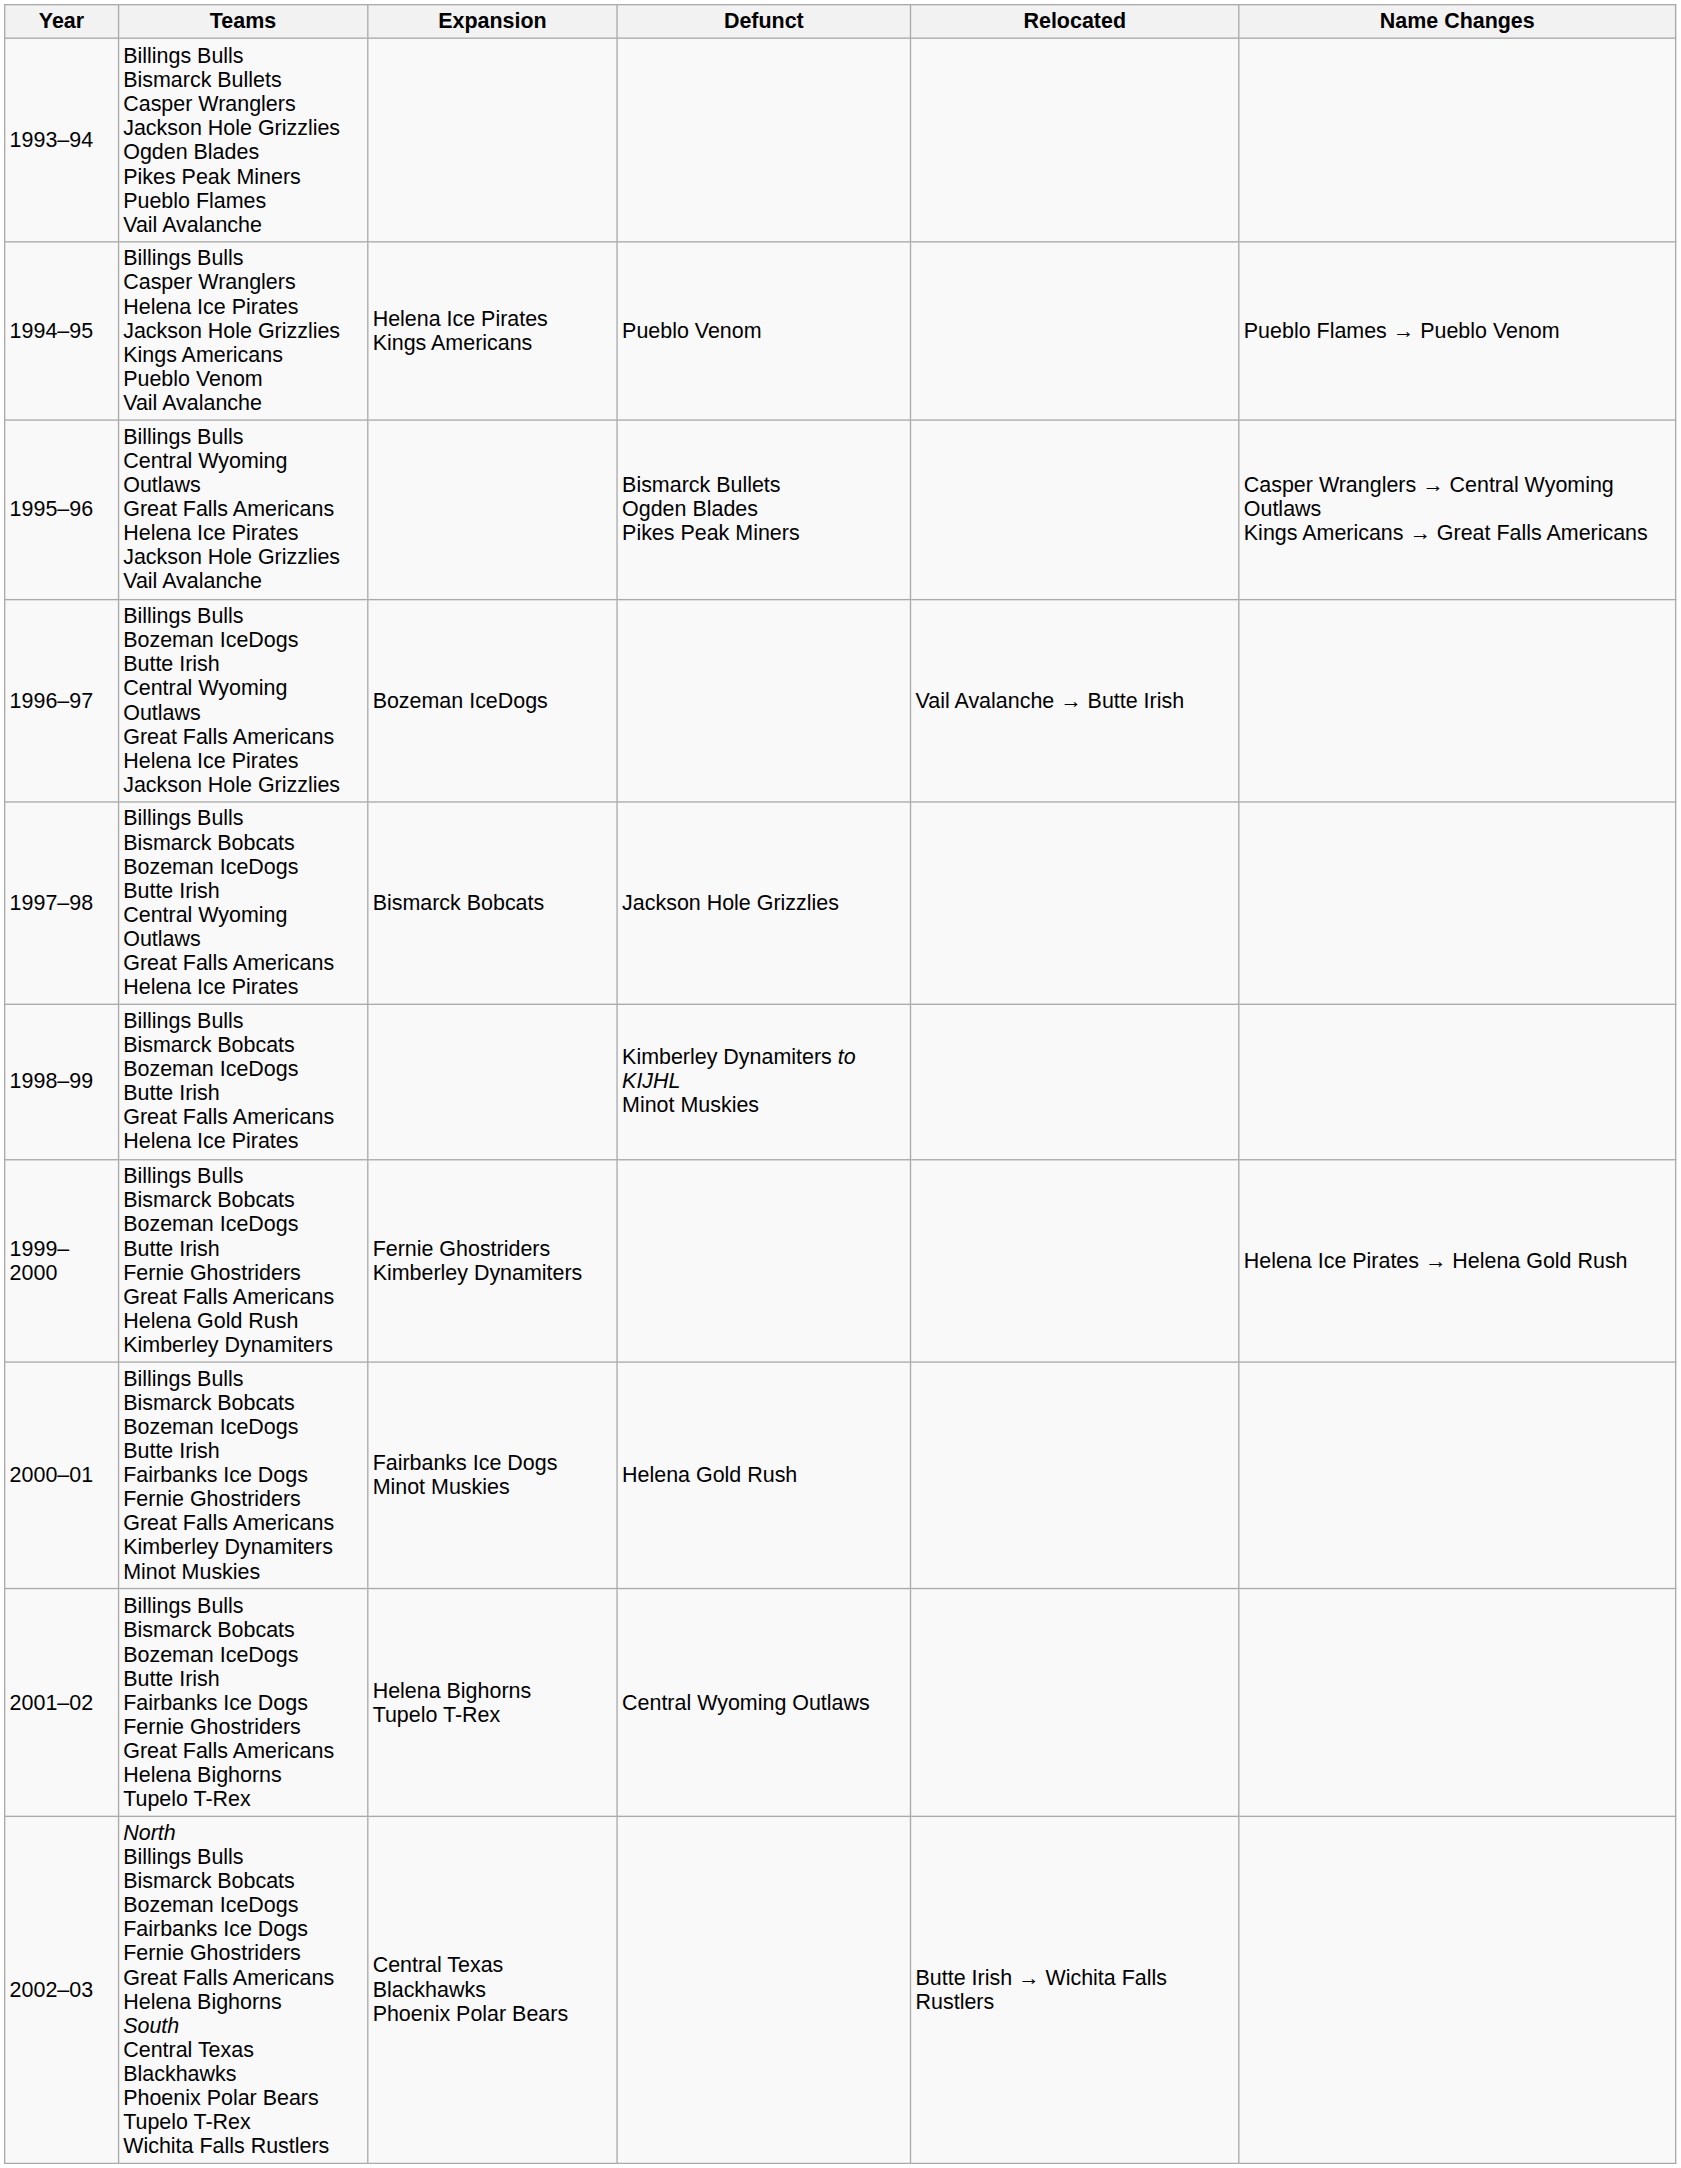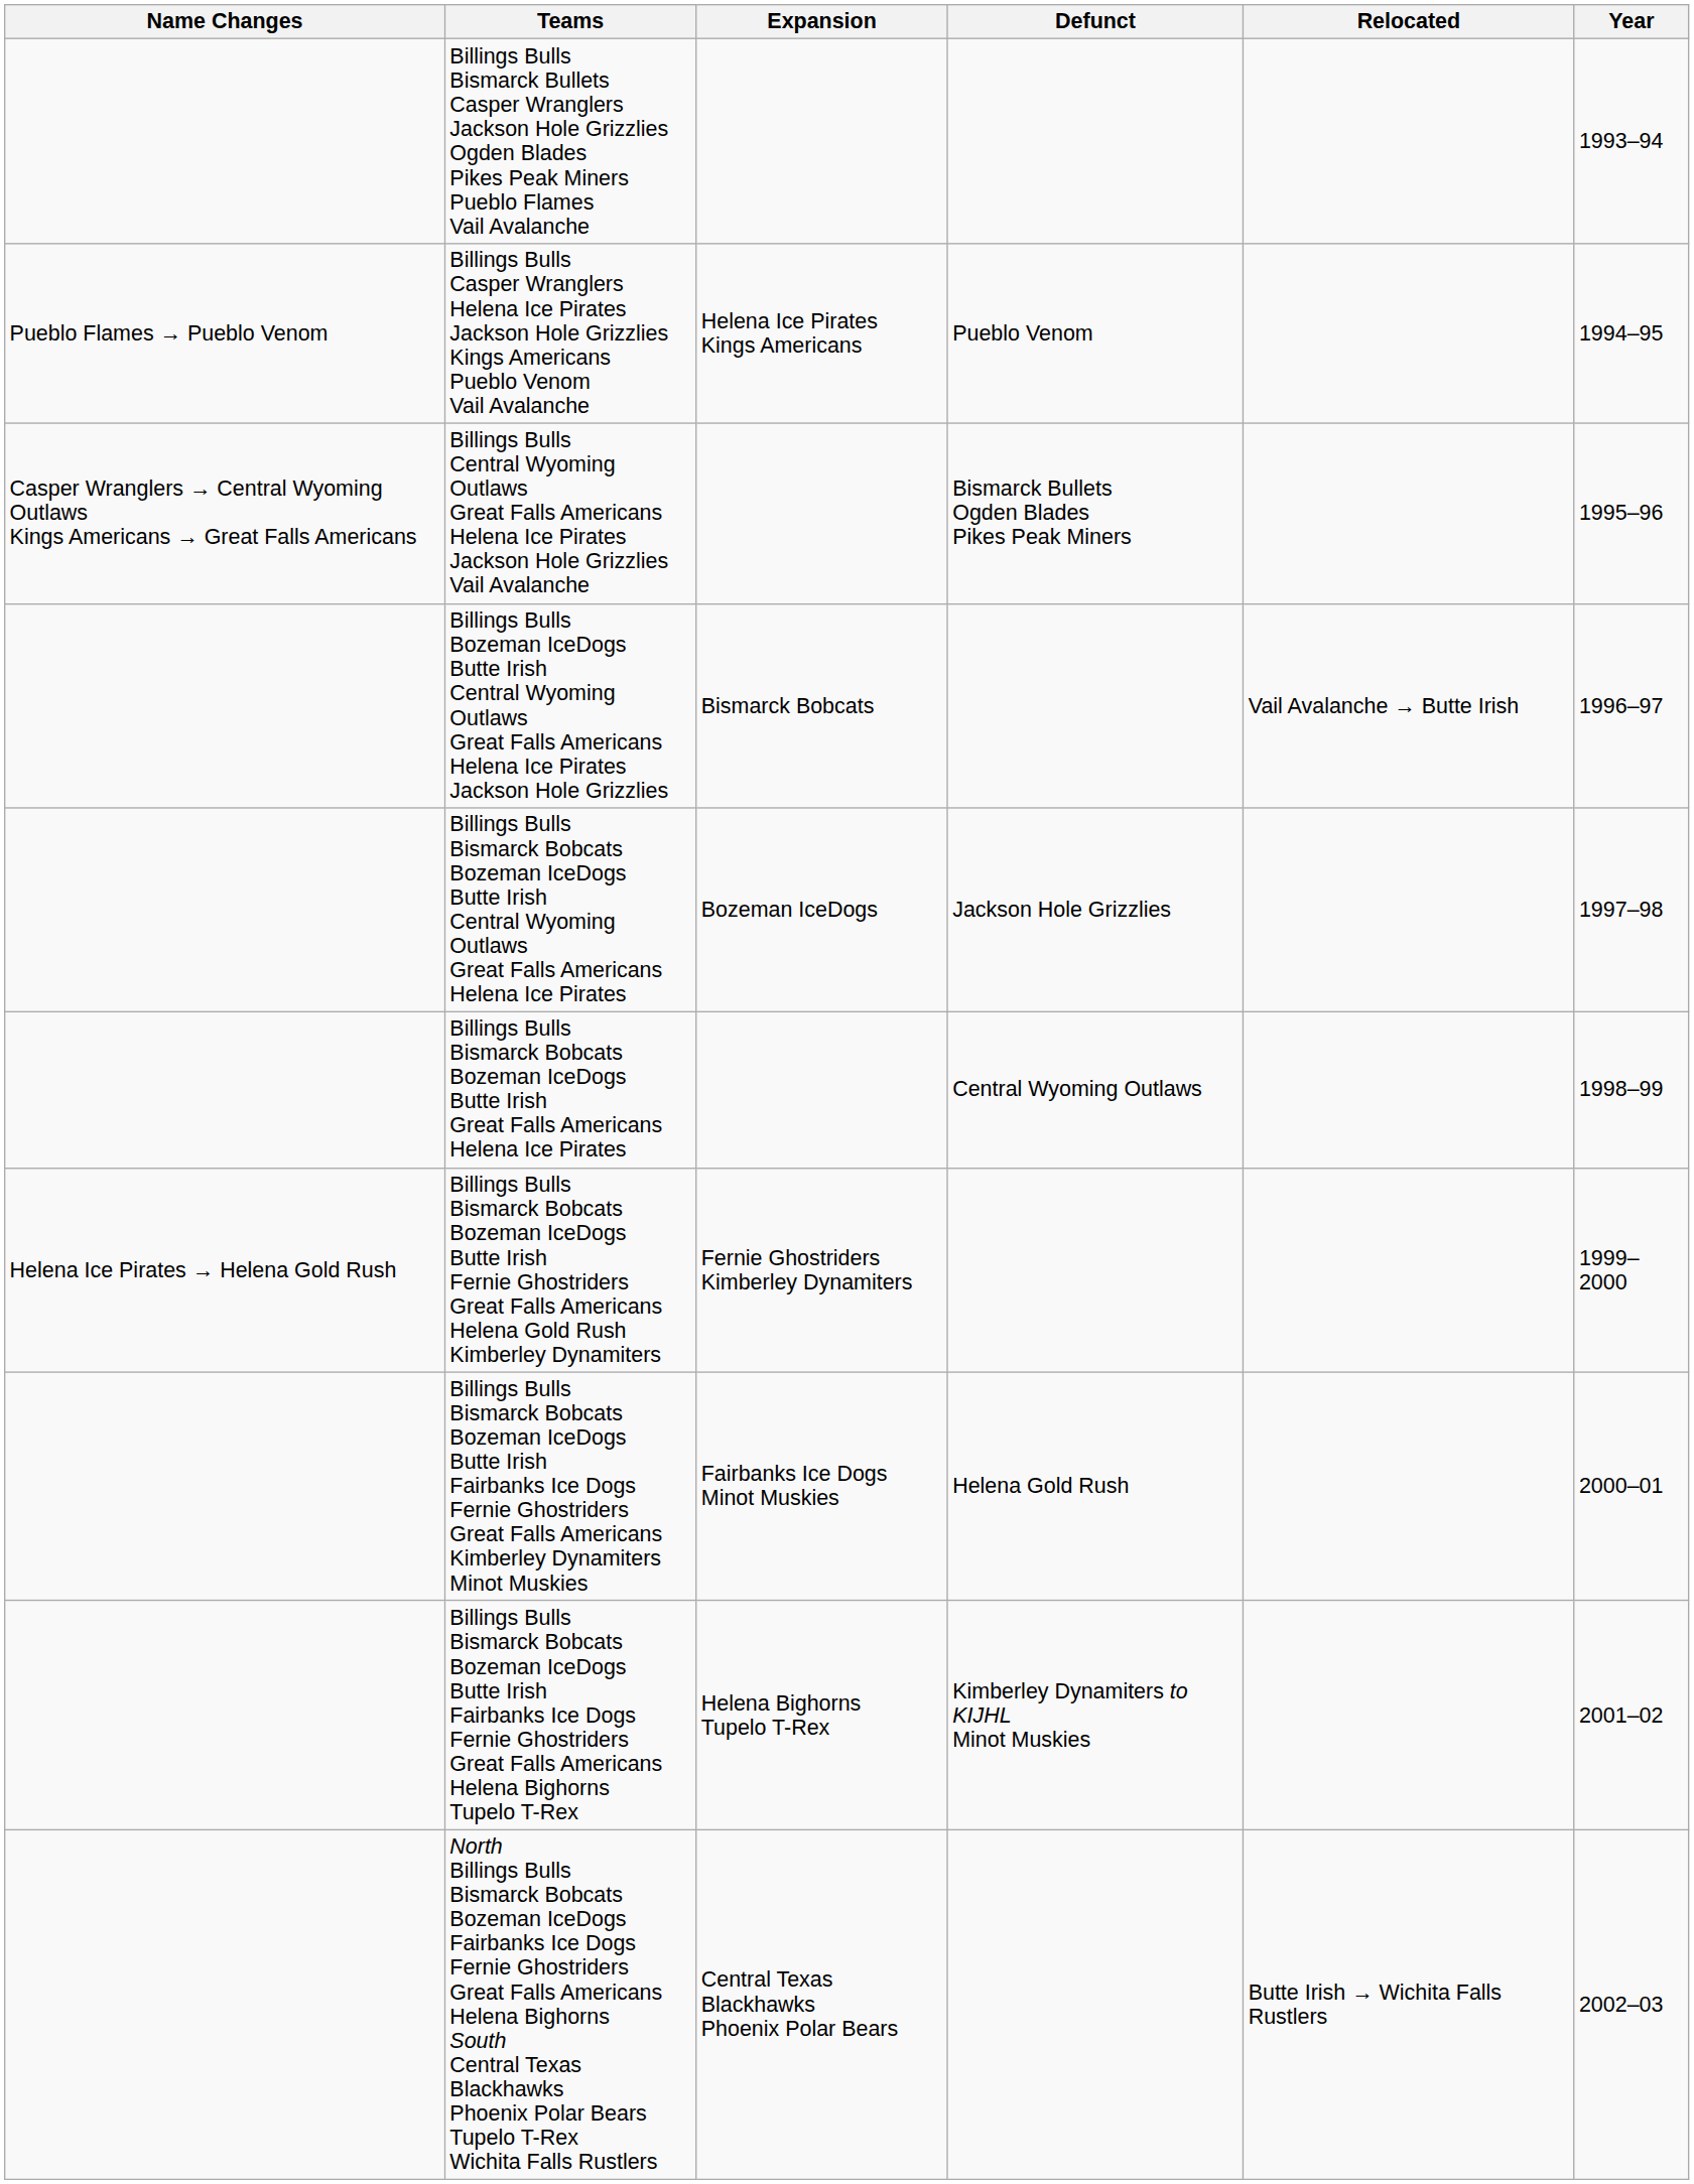 <table class="wikitable">
 <tr>
-<th>Year</th>
+<th>Name Changes</th>
 <th>Teams</th>
 <th>Expansion</th>
 <th>Defunct</th>
 <th>Relocated</th>
-<th>Name Changes</th>
+<th>Year</th>
 </tr>
 <tr>
-<td>1993–94</td>
+<td></td>
 <td>Billings Bulls <br> Bismarck Bullets <br> Casper Wranglers <br> Jackson Hole Grizzlies <br> Ogden Blades <br> Pikes Peak Miners <br> Pueblo Flames <br> Vail Avalanche</td>
 <td></td>
 <td></td>
 <td></td>
-<td></td>
+<td>1993–94</td>
 </tr>
 <tr>
-<td>1994–95</td>
+<td>Pueblo Flames → Pueblo Venom</td>
 <td>Billings Bulls <br> Casper Wranglers <br> Helena Ice Pirates <br> Jackson Hole Grizzlies <br> Kings Americans <br> Pueblo Venom <br> Vail Avalanche</td>
 <td>Helena Ice Pirates <br> Kings Americans</td>
 <td>Pueblo Venom</td>
 <td></td>
-<td>Pueblo Flames → Pueblo Venom</td>
+<td>1994–95</td>
 </tr>
 <tr>
-<td>1995–96</td>
+<td>Casper Wranglers → Central Wyoming Outlaws <br> Kings Americans → Great Falls Americans</td>
 <td>Billings Bulls <br> Central Wyoming Outlaws <br> Great Falls Americans <br> Helena Ice Pirates <br> Jackson Hole Grizzlies <br> Vail Avalanche</td>
 <td></td>
 <td>Bismarck Bullets <br> Ogden Blades <br> Pikes Peak Miners</td>
 <td></td>
-<td>Casper Wranglers → Central Wyoming Outlaws <br> Kings Americans → Great Falls Americans</td>
+<td>1995–96</td>
 </tr>
 <tr>
-<td>1996–97</td>
+<td></td>
 <td>Billings Bulls <br> Bozeman IceDogs <br> Butte Irish <br> Central Wyoming Outlaws <br> Great Falls Americans <br> Helena Ice Pirates <br> Jackson Hole Grizzlies</td>
-<td>Bozeman IceDogs</td>
+<td>Bismarck Bobcats</td>
 <td></td>
 <td>Vail Avalanche → Butte Irish</td>
-<td></td>
+<td>1996–97</td>
 </tr>
 <tr>
-<td>1997–98</td>
+<td></td>
 <td>Billings Bulls <br> Bismarck Bobcats <br> Bozeman IceDogs <br> Butte Irish <br> Central Wyoming Outlaws <br> Great Falls Americans <br> Helena Ice Pirates</td>
-<td>Bismarck Bobcats</td>
+<td>Bozeman IceDogs</td>
 <td>Jackson Hole Grizzlies</td>
 <td></td>
-<td></td>
+<td>1997–98</td>
 </tr>
 <tr>
-<td>1998–99</td>
+<td></td>
 <td>Billings Bulls <br> Bismarck Bobcats <br> Bozeman IceDogs <br> Butte Irish <br> Great Falls Americans <br> Helena Ice Pirates</td>
 <td></td>
-<td>Kimberley Dynamiters <em>to KIJHL</em> <br> Minot Muskies</td>
+<td>Central Wyoming Outlaws</td>
 <td></td>
-<td></td>
+<td>1998–99</td>
 </tr>
 <tr>
-<td>1999–2000</td>
+<td>Helena Ice Pirates → Helena Gold Rush</td>
 <td>Billings Bulls <br> Bismarck Bobcats <br> Bozeman IceDogs <br> Butte Irish <br> Fernie Ghostriders <br> Great Falls Americans <br> Helena Gold Rush <br> Kimberley Dynamiters</td>
 <td>Fernie Ghostriders <br> Kimberley Dynamiters</td>
 <td></td>
 <td></td>
-<td>Helena Ice Pirates → Helena Gold Rush</td>
+<td>1999–2000</td>
 </tr>
 <tr>
-<td>2000–01</td>
+<td></td>
 <td>Billings Bulls <br> Bismarck Bobcats <br> Bozeman IceDogs <br> Butte Irish <br> Fairbanks Ice Dogs <br> Fernie Ghostriders <br> Great Falls Americans <br> Kimberley Dynamiters <br> Minot Muskies</td>
 <td>Fairbanks Ice Dogs <br> Minot Muskies</td>
 <td>Helena Gold Rush</td>
 <td></td>
-<td></td>
+<td>2000–01</td>
 </tr>
 <tr>
-<td>2001–02</td>
+<td></td>
 <td>Billings Bulls <br> Bismarck Bobcats <br> Bozeman IceDogs <br> Butte Irish <br> Fairbanks Ice Dogs <br> Fernie Ghostriders <br> Great Falls Americans <br> Helena Bighorns <br> Tupelo T-Rex</td>
 <td>Helena Bighorns <br> Tupelo T-Rex</td>
-<td>Central Wyoming Outlaws</td>
+<td>Kimberley Dynamiters <em>to KIJHL</em> <br> Minot Muskies</td>
 <td></td>
-<td></td>
+<td>2001–02</td>
 </tr>
 <tr>
-<td>2002–03</td>
+<td></td>
 <td><em>North</em> <br> Billings Bulls <br> Bismarck Bobcats <br> Bozeman IceDogs <br> Fairbanks Ice Dogs <br> Fernie Ghostriders <br> Great Falls Americans <br> Helena Bighorns <br> <em>South</em> <br> Central Texas Blackhawks <br> Phoenix Polar Bears <br> Tupelo T-Rex <br> Wichita Falls Rustlers</td>
 <td>Central Texas Blackhawks <br> Phoenix Polar Bears</td>
 <td></td>
 <td>Butte Irish → Wichita Falls Rustlers</td>
-<td></td>
+<td>2002–03</td>
 </tr>
 </table>
